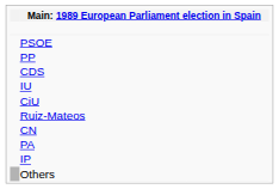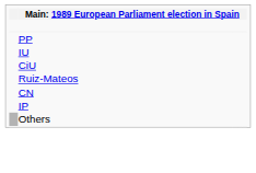 <table class="infobox vcard" cellspacing="0" style="width:23.0em; padding:0.3em; padding-bottom:0em">
 <tr>
 <td style="background:#F2F2F2; vertical-align:middle; padding:0.4em;" width="30px"></td>
 <th colspan="4" style="text-align:center; background:#F2F2F2; font-size:0.85em; width:100%; vertical-align:middle;">Main: <a href='#'>1989 European Parliament election in Spain</a></th>
 </tr>
 <tr>
 <td colspan="5" style="text-align:center; font-size:0.85em; padding:0.5em 0em;">  </td>
 </tr>
 <tr>
 <td colspan="5"></td>
 </tr>
 <tr>
 <td colspan="5"></td>
 </tr>
 <tr>
 <th colspan="2" style="background:#F2F2F2;"></th>
 <th style="background:#F2F2F2;"></th>
 <th style="background:#F2F2F2;"></th>
 <th style="background:#F2F2F2;"></th>
 </tr>
 <tr>
 <td style="background:"></td>
-<td width="85px"><a href='#'>PSOE</a></td>
-<td width="70px"></td>
-<td width="45px"></td>
-<td width="30px"></td>
-</tr>
-<tr>
-<td style="background:"></td>
 <td><a href='#'>PP</a></td>
-<td></td>
-<td></td>
-<td></td>
-</tr>
-<tr>
-<td style="background:"></td>
-<td><a href='#'>CDS</a></td>
 <td></td>
 <td></td>
 <td></td>
 </tr>
 <tr>
 <td style="background:"></td>
 <td><a href='#'>IU</a></td>
 <td></td>
 <td></td>
 <td></td>
 </tr>
 <tr>
 <td style="background:"></td>
 <td><a href='#'>CiU</a></td>
 <td></td>
 <td></td>
 <td></td>
 </tr>
 <tr>
 <td style="background:"></td>
 <td><a href='#'>Ruiz-Mateos</a></td>
 <td></td>
 <td></td>
 <td></td>
 </tr>
 <tr>
 <td style="background:"></td>
 <td><a href='#'>CN</a></td>
 <td></td>
 <td></td>
 <td></td>
 </tr>
 <tr>
 <td style="background:"></td>
-<td><a href='#'>PA</a></td>
-<td></td>
-<td></td>
-<td></td>
-</tr>
-<tr>
-<td style="background:"></td>
 <td><a href='#'>IP</a></td>
 <td></td>
 <td></td>
 <td></td>
 </tr>
 <tr>
 <td style="background:#B3B3B3;"></td>
 <td>Others</td>
 <td></td>
 <td></td>
 <td></td>
 </tr>
 <tr>
 <th colspan="2" style="background:#F2F2F2;"></th>
 <th style="background:#F2F2F2;"></th>
 <th style="background:#F2F2F2;"></th>
 <th style="background:#F2F2F2;"></th>
 </tr>
 </table>
